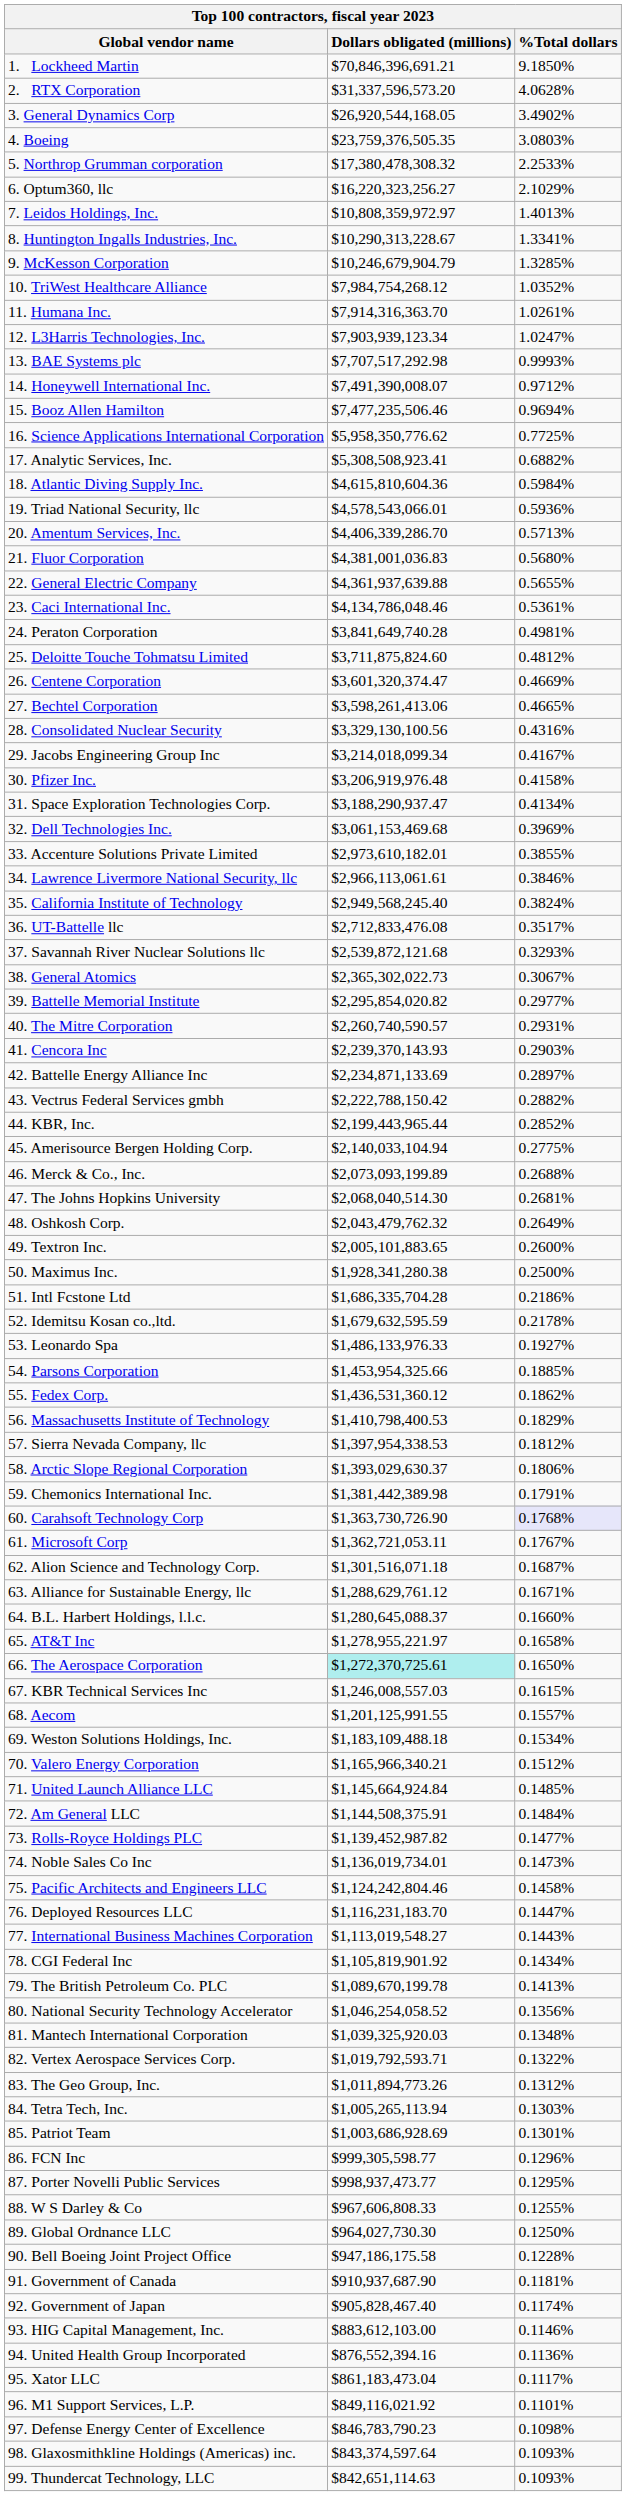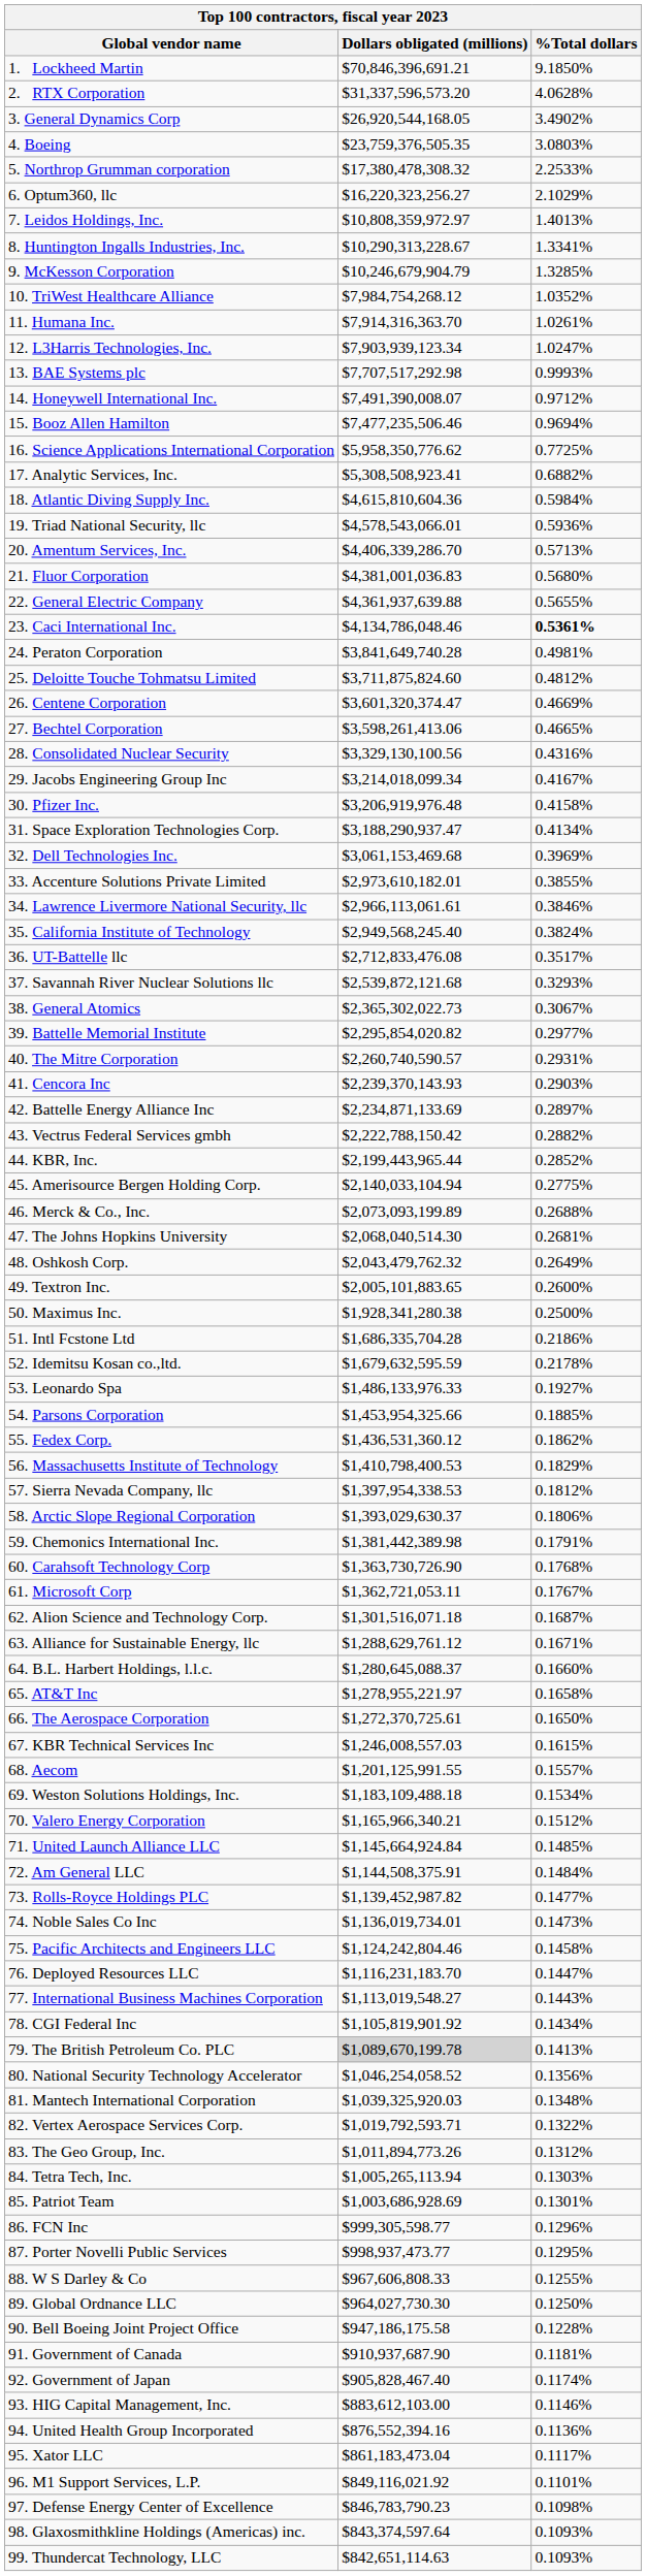 <table class="wikitable sortable">
 <tr>
 <th colspan="3">Top 100 contractors, fiscal year 2023</th>
 </tr>
 <tr>
 <th><strong>Global vendor name</strong></th>
 <th><strong>Dollars obligated (millions)</strong></th>
 <th><strong>%Total dollars</strong></th>
 </tr>
 <tr>
 <td>1.   <a href='#'>Lockheed Martin</a></td>
 <td>$70,846,396,691.21</td>
 <td>9.1850%</td>
 </tr>
 <tr>
 <td>2.   <a href='#'>RTX Corporation</a></td>
 <td>$31,337,596,573.20</td>
 <td>4.0628%</td>
 </tr>
 <tr>
 <td>3. <a href='#'>General Dynamics Corp</a></td>
 <td>$26,920,544,168.05</td>
 <td>3.4902%</td>
 </tr>
 <tr>
 <td>4. <a href='#'>Boeing</a></td>
 <td>$23,759,376,505.35</td>
 <td>3.0803%</td>
 </tr>
 <tr>
 <td>5. <a href='#'>Northrop Grumman corporation</a></td>
 <td>$17,380,478,308.32</td>
 <td>2.2533%</td>
 </tr>
 <tr>
 <td>6. Optum360, llc</td>
 <td>$16,220,323,256.27</td>
 <td>2.1029%</td>
 </tr>
 <tr>
 <td>7. <a href='#'>Leidos Holdings, Inc.</a></td>
 <td>$10,808,359,972.97</td>
 <td>1.4013%</td>
 </tr>
 <tr>
 <td>8. <a href='#'>Huntington Ingalls Industries, Inc.</a></td>
 <td>$10,290,313,228.67</td>
 <td>1.3341%</td>
 </tr>
 <tr>
 <td>9. <a href='#'>McKesson Corporation</a></td>
 <td>$10,246,679,904.79</td>
 <td>1.3285%</td>
 </tr>
 <tr>
 <td>10. <a href='#'>TriWest Healthcare Alliance</a></td>
 <td>$7,984,754,268.12</td>
 <td>1.0352%</td>
 </tr>
 <tr>
 <td>11. <a href='#'>Humana Inc.</a></td>
 <td>$7,914,316,363.70</td>
 <td>1.0261%</td>
 </tr>
 <tr>
 <td>12. <a href='#'>L3Harris Technologies, Inc.</a></td>
 <td>$7,903,939,123.34</td>
 <td>1.0247%</td>
 </tr>
 <tr>
 <td>13. <a href='#'>BAE Systems plc</a></td>
 <td>$7,707,517,292.98</td>
 <td>0.9993%</td>
 </tr>
 <tr>
 <td>14. <a href='#'>Honeywell International Inc.</a></td>
 <td>$7,491,390,008.07</td>
 <td>0.9712%</td>
 </tr>
 <tr>
 <td>15. <a href='#'>Booz Allen Hamilton</a></td>
 <td>$7,477,235,506.46</td>
 <td>0.9694%</td>
 </tr>
 <tr>
 <td>16. <a href='#'>Science Applications International Corporation</a></td>
 <td>$5,958,350,776.62</td>
 <td>0.7725%</td>
 </tr>
 <tr>
 <td>17. Analytic Services, Inc.</td>
 <td>$5,308,508,923.41</td>
 <td>0.6882%</td>
 </tr>
 <tr>
 <td>18. <a href='#'>Atlantic Diving Supply Inc.</a></td>
 <td>$4,615,810,604.36</td>
 <td>0.5984%</td>
 </tr>
 <tr>
 <td>19. Triad National Security, llc</td>
 <td>$4,578,543,066.01</td>
 <td>0.5936%</td>
 </tr>
 <tr>
 <td>20. <a href='#'>Amentum Services, Inc.</a></td>
 <td>$4,406,339,286.70</td>
 <td>0.5713%</td>
 </tr>
 <tr>
 <td>21. <a href='#'>Fluor Corporation</a></td>
 <td>$4,381,001,036.83</td>
 <td>0.5680%</td>
 </tr>
 <tr>
 <td>22. <a href='#'>General Electric Company</a></td>
 <td>$4,361,937,639.88</td>
 <td>0.5655%</td>
 </tr>
 <tr>
 <td>23. <a href='#'>Caci International Inc.</a></td>
 <td>$4,134,786,048.46</td>
-<td>0.5361%</td>
+<td><strong>0.5361%</strong></td>
 </tr>
 <tr>
 <td>24. Peraton Corporation</td>
 <td>$3,841,649,740.28</td>
 <td>0.4981%</td>
 </tr>
 <tr>
 <td>25. <a href='#'>Deloitte Touche Tohmatsu Limited</a></td>
 <td>$3,711,875,824.60</td>
 <td>0.4812%</td>
 </tr>
 <tr>
 <td>26. <a href='#'>Centene Corporation</a></td>
 <td>$3,601,320,374.47</td>
 <td>0.4669%</td>
 </tr>
 <tr>
 <td>27. <a href='#'>Bechtel Corporation</a></td>
 <td>$3,598,261,413.06</td>
 <td>0.4665%</td>
 </tr>
 <tr>
 <td>28. <a href='#'>Consolidated Nuclear Security</a></td>
 <td>$3,329,130,100.56</td>
 <td>0.4316%</td>
 </tr>
 <tr>
 <td>29. Jacobs Engineering Group Inc</td>
 <td>$3,214,018,099.34</td>
 <td>0.4167%</td>
 </tr>
 <tr>
 <td>30. <a href='#'>Pfizer Inc.</a></td>
 <td>$3,206,919,976.48</td>
 <td>0.4158%</td>
 </tr>
 <tr>
 <td>31. Space Exploration Technologies Corp.</td>
 <td>$3,188,290,937.47</td>
 <td>0.4134%</td>
 </tr>
 <tr>
 <td>32. <a href='#'>Dell Technologies Inc.</a></td>
 <td>$3,061,153,469.68</td>
 <td>0.3969%</td>
 </tr>
 <tr>
 <td>33. Accenture Solutions Private Limited</td>
 <td>$2,973,610,182.01</td>
 <td>0.3855%</td>
 </tr>
 <tr>
 <td>34. <a href='#'>Lawrence Livermore National Security, llc</a></td>
 <td>$2,966,113,061.61</td>
 <td>0.3846%</td>
 </tr>
 <tr>
 <td>35. <a href='#'>California Institute of Technology</a></td>
 <td>$2,949,568,245.40</td>
 <td>0.3824%</td>
 </tr>
 <tr>
 <td>36. <a href='#'>UT-Battelle</a> llc</td>
 <td>$2,712,833,476.08</td>
 <td>0.3517%</td>
 </tr>
 <tr>
 <td>37. Savannah River Nuclear Solutions llc</td>
 <td>$2,539,872,121.68</td>
 <td>0.3293%</td>
 </tr>
 <tr>
 <td>38. <a href='#'>General Atomics</a></td>
 <td>$2,365,302,022.73</td>
 <td>0.3067%</td>
 </tr>
 <tr>
 <td>39. <a href='#'>Battelle Memorial Institute</a></td>
 <td>$2,295,854,020.82</td>
 <td>0.2977%</td>
 </tr>
 <tr>
 <td>40. <a href='#'>The Mitre Corporation</a></td>
 <td>$2,260,740,590.57</td>
 <td>0.2931%</td>
 </tr>
 <tr>
 <td>41. <a href='#'>Cencora Inc</a></td>
 <td>$2,239,370,143.93</td>
 <td>0.2903%</td>
 </tr>
 <tr>
 <td>42. Battelle Energy Alliance Inc</td>
 <td>$2,234,871,133.69</td>
 <td>0.2897%</td>
 </tr>
 <tr>
 <td>43. Vectrus Federal Services gmbh</td>
 <td>$2,222,788,150.42</td>
 <td>0.2882%</td>
 </tr>
 <tr>
 <td>44. KBR, Inc.</td>
 <td>$2,199,443,965.44</td>
 <td>0.2852%</td>
 </tr>
 <tr>
 <td>45. Amerisource Bergen Holding Corp.</td>
 <td>$2,140,033,104.94</td>
 <td>0.2775%</td>
 </tr>
 <tr>
 <td>46. Merck & Co., Inc.</td>
 <td>$2,073,093,199.89</td>
 <td>0.2688%</td>
 </tr>
 <tr>
 <td>47. The Johns Hopkins University</td>
 <td>$2,068,040,514.30</td>
 <td>0.2681%</td>
 </tr>
 <tr>
 <td>48. Oshkosh Corp.</td>
 <td>$2,043,479,762.32</td>
 <td>0.2649%</td>
 </tr>
 <tr>
 <td>49. Textron Inc.</td>
 <td>$2,005,101,883.65</td>
 <td>0.2600%</td>
 </tr>
 <tr>
 <td>50. Maximus Inc.</td>
 <td>$1,928,341,280.38</td>
 <td>0.2500%</td>
 </tr>
 <tr>
 <td>51. Intl Fcstone Ltd</td>
 <td>$1,686,335,704.28</td>
 <td>0.2186%</td>
 </tr>
 <tr>
 <td>52. Idemitsu Kosan co.,ltd.</td>
 <td>$1,679,632,595.59</td>
 <td>0.2178%</td>
 </tr>
 <tr>
 <td>53. Leonardo Spa</td>
 <td>$1,486,133,976.33</td>
 <td>0.1927%</td>
 </tr>
 <tr>
 <td>54. <a href='#'>Parsons Corporation</a></td>
 <td>$1,453,954,325.66</td>
 <td>0.1885%</td>
 </tr>
 <tr>
 <td>55. <a href='#'>Fedex Corp.</a></td>
 <td>$1,436,531,360.12</td>
 <td>0.1862%</td>
 </tr>
 <tr>
 <td>56. <a href='#'>Massachusetts Institute of Technology</a></td>
 <td>$1,410,798,400.53</td>
 <td>0.1829%</td>
 </tr>
 <tr>
 <td>57. Sierra Nevada Company, llc</td>
 <td>$1,397,954,338.53</td>
 <td>0.1812%</td>
 </tr>
 <tr>
 <td>58. <a href='#'>Arctic Slope Regional Corporation</a></td>
 <td>$1,393,029,630.37</td>
 <td>0.1806%</td>
 </tr>
 <tr>
 <td>59. Chemonics International Inc.</td>
 <td>$1,381,442,389.98</td>
 <td>0.1791%</td>
 </tr>
 <tr>
 <td>60. <a href='#'>Carahsoft Technology Corp</a></td>
 <td>$1,363,730,726.90</td>
-<td style="background: lavender;">0.1768%</td>
+<td>0.1768%</td>
 </tr>
 <tr>
 <td>61. <a href='#'>Microsoft Corp</a></td>
 <td>$1,362,721,053.11</td>
 <td>0.1767%</td>
 </tr>
 <tr>
 <td>62. Alion Science and Technology Corp.</td>
 <td>$1,301,516,071.18</td>
 <td>0.1687%</td>
 </tr>
 <tr>
 <td>63. Alliance for Sustainable Energy, llc</td>
 <td>$1,288,629,761.12</td>
 <td>0.1671%</td>
 </tr>
 <tr>
 <td>64. B.L. Harbert Holdings, l.l.c.</td>
 <td>$1,280,645,088.37</td>
 <td>0.1660%</td>
 </tr>
 <tr>
 <td>65. <a href='#'>AT&T Inc</a></td>
 <td>$1,278,955,221.97</td>
 <td>0.1658%</td>
 </tr>
 <tr>
 <td>66. <a href='#'>The Aerospace Corporation</a></td>
-<td style="background: paleturquoise;">$1,272,370,725.61</td>
+<td>$1,272,370,725.61</td>
 <td>0.1650%</td>
 </tr>
 <tr>
 <td>67. KBR Technical Services Inc</td>
 <td>$1,246,008,557.03</td>
 <td>0.1615%</td>
 </tr>
 <tr>
 <td>68. <a href='#'>Aecom</a></td>
 <td>$1,201,125,991.55</td>
 <td>0.1557%</td>
 </tr>
 <tr>
 <td>69. Weston Solutions Holdings, Inc.</td>
 <td>$1,183,109,488.18</td>
 <td>0.1534%</td>
 </tr>
 <tr>
 <td>70. <a href='#'>Valero Energy Corporation</a></td>
 <td>$1,165,966,340.21</td>
 <td>0.1512%</td>
 </tr>
 <tr>
 <td>71. <a href='#'>United Launch Alliance LLC</a></td>
 <td>$1,145,664,924.84</td>
 <td>0.1485%</td>
 </tr>
 <tr>
 <td>72. <a href='#'>Am General</a> LLC</td>
 <td>$1,144,508,375.91</td>
 <td>0.1484%</td>
 </tr>
 <tr>
 <td>73. <a href='#'>Rolls-Royce Holdings PLC</a></td>
 <td>$1,139,452,987.82</td>
 <td>0.1477%</td>
 </tr>
 <tr>
 <td>74. Noble Sales Co Inc</td>
 <td>$1,136,019,734.01</td>
 <td>0.1473%</td>
 </tr>
 <tr>
 <td>75. <a href='#'>Pacific Architects and Engineers LLC</a></td>
 <td>$1,124,242,804.46</td>
 <td>0.1458%</td>
 </tr>
 <tr>
 <td>76. Deployed Resources LLC</td>
 <td>$1,116,231,183.70</td>
 <td>0.1447%</td>
 </tr>
 <tr>
 <td>77. <a href='#'>International Business Machines Corporation</a></td>
 <td>$1,113,019,548.27</td>
 <td>0.1443%</td>
 </tr>
 <tr>
 <td>78. CGI Federal Inc</td>
 <td>$1,105,819,901.92</td>
 <td>0.1434%</td>
 </tr>
 <tr>
 <td>79. The British Petroleum Co. PLC</td>
-<td>$1,089,670,199.78</td>
+<td style="background: lightgrey;">$1,089,670,199.78</td>
 <td>0.1413%</td>
 </tr>
 <tr>
 <td>80. National Security Technology Accelerator</td>
 <td>$1,046,254,058.52</td>
 <td>0.1356%</td>
 </tr>
 <tr>
 <td>81. Mantech International Corporation</td>
 <td>$1,039,325,920.03</td>
 <td>0.1348%</td>
 </tr>
 <tr>
 <td>82. Vertex Aerospace Services Corp.</td>
 <td>$1,019,792,593.71</td>
 <td>0.1322%</td>
 </tr>
 <tr>
 <td>83. The Geo Group, Inc.</td>
 <td>$1,011,894,773.26</td>
 <td>0.1312%</td>
 </tr>
 <tr>
 <td>84. Tetra Tech, Inc.</td>
 <td>$1,005,265,113.94</td>
 <td>0.1303%</td>
 </tr>
 <tr>
 <td>85. Patriot Team</td>
 <td>$1,003,686,928.69</td>
 <td>0.1301%</td>
 </tr>
 <tr>
 <td>86. FCN Inc</td>
 <td>$999,305,598.77</td>
 <td>0.1296%</td>
 </tr>
 <tr>
 <td>87. Porter Novelli Public Services</td>
 <td>$998,937,473.77</td>
 <td>0.1295%</td>
 </tr>
 <tr>
 <td>88. W S Darley & Co</td>
 <td>$967,606,808.33</td>
 <td>0.1255%</td>
 </tr>
 <tr>
 <td>89. Global Ordnance LLC</td>
 <td>$964,027,730.30</td>
 <td>0.1250%</td>
 </tr>
 <tr>
 <td>90. Bell Boeing Joint Project Office</td>
 <td>$947,186,175.58</td>
 <td>0.1228%</td>
 </tr>
 <tr>
 <td>91. Government of Canada</td>
 <td>$910,937,687.90</td>
 <td>0.1181%</td>
 </tr>
 <tr>
 <td>92. Government of Japan</td>
 <td>$905,828,467.40</td>
 <td>0.1174%</td>
 </tr>
 <tr>
 <td>93. HIG Capital Management, Inc.</td>
 <td>$883,612,103.00</td>
 <td>0.1146%</td>
 </tr>
 <tr>
 <td>94. United Health Group Incorporated</td>
 <td>$876,552,394.16</td>
 <td>0.1136%</td>
 </tr>
 <tr>
 <td>95. Xator LLC</td>
 <td>$861,183,473.04</td>
 <td>0.1117%</td>
 </tr>
 <tr>
 <td>96. M1 Support Services, L.P.</td>
 <td>$849,116,021.92</td>
 <td>0.1101%</td>
 </tr>
 <tr>
 <td>97. Defense Energy Center of Excellence</td>
 <td>$846,783,790.23</td>
 <td>0.1098%</td>
 </tr>
 <tr>
 <td>98. Glaxosmithkline Holdings (Americas) inc.</td>
 <td>$843,374,597.64</td>
 <td>0.1093%</td>
 </tr>
 <tr>
 <td>99. Thundercat Technology, LLC</td>
 <td>$842,651,114.63</td>
 <td>0.1093%</td>
 </tr>
 </table>
